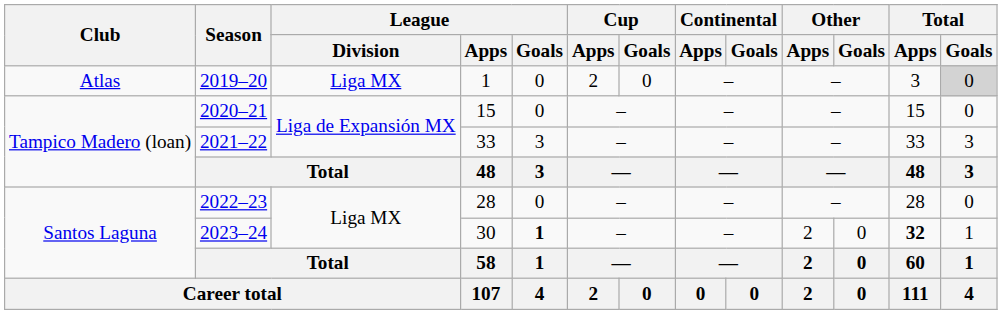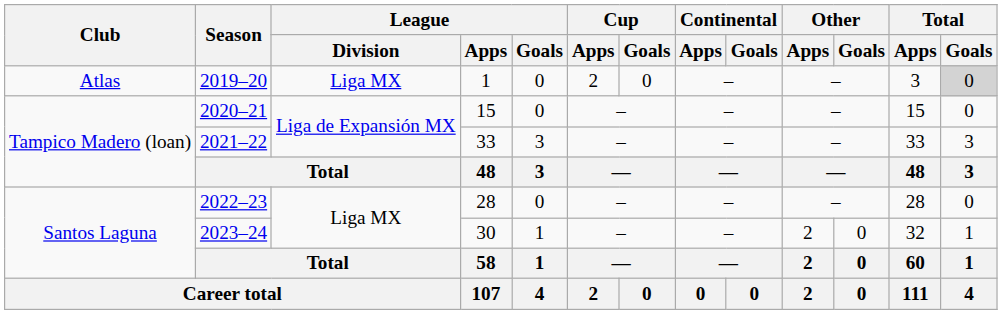 <table class="wikitable" style="text-align: center">
 <tr>
 <th rowspan="2">Club</th>
 <th rowspan="2">Season</th>
 <th colspan="3">League</th>
 <th colspan="2">Cup</th>
 <th colspan="2">Continental</th>
 <th colspan="2">Other</th>
 <th colspan="2">Total</th>
 </tr>
 <tr>
 <th>Division</th>
 <th>Apps</th>
 <th>Goals</th>
 <th>Apps</th>
 <th>Goals</th>
 <th>Apps</th>
 <th>Goals</th>
 <th>Apps</th>
 <th>Goals</th>
 <th>Apps</th>
 <th>Goals</th>
 </tr>
 <tr>
 <td><a href='#'>Atlas</a></td>
 <td><a href='#'>2019–20</a></td>
 <td><a href='#'>Liga MX</a></td>
 <td>1</td>
 <td>0</td>
 <td>2</td>
 <td>0</td>
 <td colspan="2">–</td>
 <td colspan="2">–</td>
 <td>3</td>
 <td style="background: lightgrey;">0</td>
 </tr>
 <tr>
 <td rowspan=3><a href='#'>Tampico Madero</a> (loan)</td>
 <td><a href='#'>2020–21</a></td>
 <td rowspan=2><a href='#'>Liga de Expansión MX</a></td>
 <td>15</td>
 <td>0</td>
 <td colspan="2">–</td>
 <td colspan="2">–</td>
 <td colspan="2">–</td>
 <td>15</td>
 <td>0</td>
 </tr>
 <tr>
 <td><a href='#'>2021–22</a></td>
 <td>33</td>
 <td>3</td>
 <td colspan="2">–</td>
 <td colspan="2">–</td>
 <td colspan="2">–</td>
 <td>33</td>
 <td>3</td>
 </tr>
 <tr>
 <th colspan="2">Total</th>
 <th>48</th>
 <th>3</th>
 <th colspan="2">—</th>
 <th colspan="2">—</th>
 <th colspan="2">—</th>
 <th>48</th>
 <th>3</th>
 </tr>
 <tr>
 <td rowspan=3><a href='#'>Santos Laguna</a></td>
 <td><a href='#'>2022–23</a></td>
 <td rowspan=2>Liga MX</td>
 <td>28</td>
 <td>0</td>
 <td colspan="2">–</td>
 <td colspan="2">–</td>
 <td colspan="2">–</td>
 <td>28</td>
 <td>0</td>
 </tr>
 <tr>
 <td><a href='#'>2023–24</a></td>
 <td>30</td>
-<td><strong>1</strong></td>
+<td>1</td>
 <td colspan="2">–</td>
 <td colspan="2">–</td>
 <td>2</td>
 <td>0</td>
-<td><strong>32</strong></td>
+<td>32</td>
 <td>1</td>
 </tr>
 <tr>
 <th colspan="2">Total</th>
 <th>58</th>
 <th>1</th>
 <th colspan="2">—</th>
 <th colspan="2">—</th>
 <th>2</th>
 <th>0</th>
 <th>60</th>
 <th>1</th>
 </tr>
 <tr>
 <th colspan="3"><strong>Career total</strong></th>
 <th>107</th>
 <th>4</th>
 <th>2</th>
 <th>0</th>
 <th>0</th>
 <th>0</th>
 <th>2</th>
 <th>0</th>
 <th>111</th>
 <th>4</th>
 </tr>
 </table>
